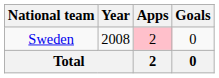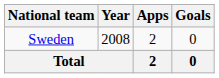 <table class="wikitable" style="text-align:center">
 <tr>
 <th>National team</th>
 <th>Year</th>
 <th>Apps</th>
 <th>Goals</th>
 </tr>
 <tr>
 <td><a href='#'>Sweden</a></td>
 <td>2008</td>
-<td style="background: pink;">2</td>
+<td>2</td>
 <td>0</td>
 </tr>
 <tr>
 <th colspan="2">Total</th>
 <th>2</th>
 <th>0</th>
 </tr>
 </table>
